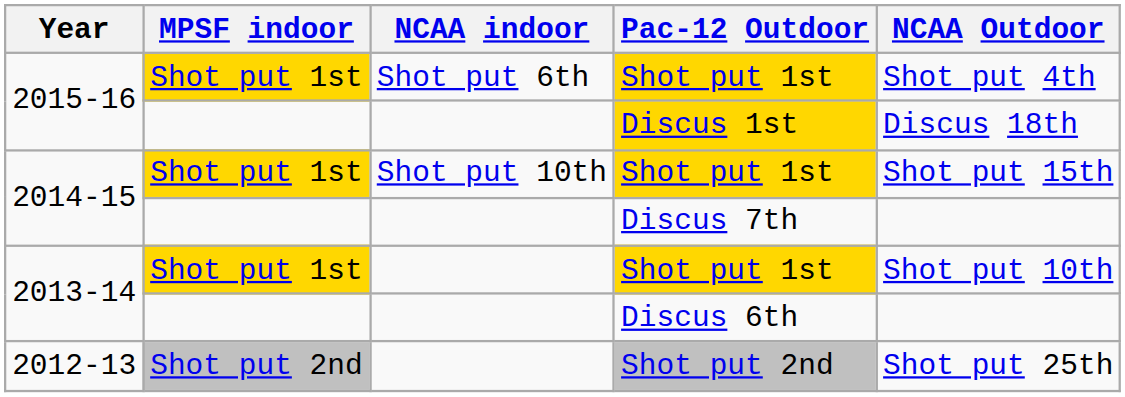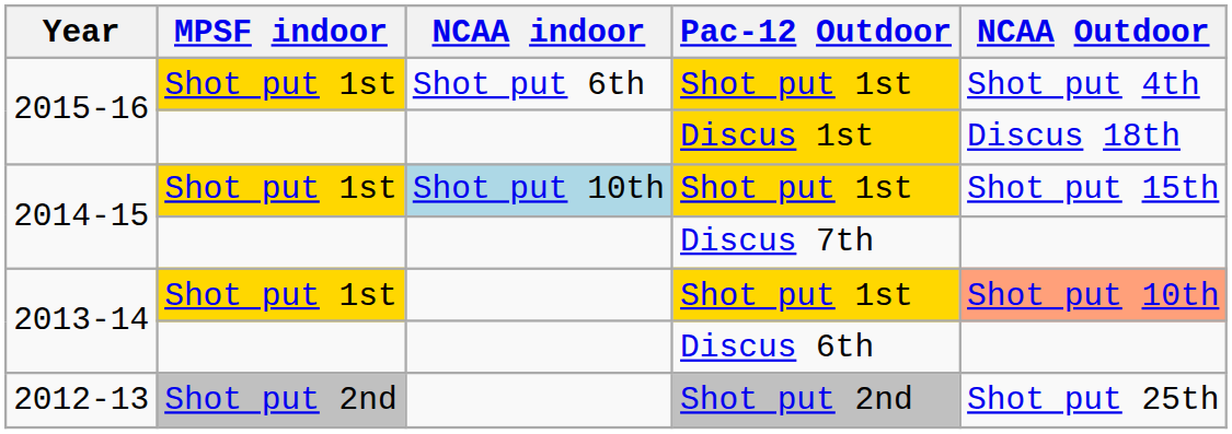 <table class="wikitable sortable">
 <tr>
 <th>Year</th>
 <th><a href='#'>MPSF</a> <a href='#'>indoor</a></th>
 <th><a href='#'>NCAA</a> <a href='#'>indoor</a></th>
 <th><a href='#'>Pac-12</a> <a href='#'>Outdoor</a></th>
 <th><a href='#'>NCAA</a> <a href='#'>Outdoor</a></th>
 </tr>
 <tr>
 <td rowspan=2>2015-16</td>
 <td bgcolor=gold><a href='#'>Shot put</a>  1st</td>
 <td><a href='#'>Shot put</a>  6th</td>
 <td bgcolor=gold><a href='#'>Shot put</a>  1st</td>
 <td><a href='#'>Shot put</a> <a href='#'> 4th</a></td>
 </tr>
 <tr>
 <td></td>
 <td></td>
 <td bgcolor=gold><a href='#'>Discus</a>  1st</td>
 <td><a href='#'>Discus</a> <a href='#'> 18th</a></td>
 </tr>
 <tr>
 <td rowspan=2>2014-15</td>
 <td bgcolor=gold><a href='#'>Shot put</a>  1st</td>
-<td><a href='#'>Shot put</a>  10th</td>
+<td style="background: lightblue;"><a href='#'>Shot put</a>  10th</td>
 <td bgcolor=gold><a href='#'>Shot put</a>  1st</td>
 <td><a href='#'>Shot put</a> <a href='#'> 15th</a></td>
 </tr>
 <tr>
 <td></td>
 <td></td>
 <td><a href='#'>Discus</a>  7th</td>
 <td></td>
 </tr>
 <tr>
 <td rowspan=2>2013-14</td>
 <td bgcolor=gold><a href='#'>Shot put</a>  1st</td>
 <td></td>
 <td bgcolor=gold><a href='#'>Shot put</a>  1st</td>
-<td><a href='#'>Shot put</a> <a href='#'> 10th</a></td>
+<td style="background: lightsalmon;"><a href='#'>Shot put</a> <a href='#'> 10th</a></td>
 </tr>
 <tr>
 <td></td>
 <td></td>
 <td><a href='#'>Discus</a>  6th</td>
 <td></td>
 </tr>
 <tr>
 <td>2012-13</td>
 <td bgcolor=silver><a href='#'>Shot put</a>  2nd</td>
 <td></td>
 <td bgcolor=silver><a href='#'>Shot put</a>  2nd</td>
 <td><a href='#'>Shot put</a>  25th</td>
 </tr>
 </table>
